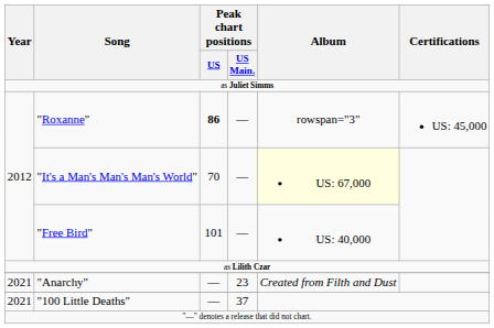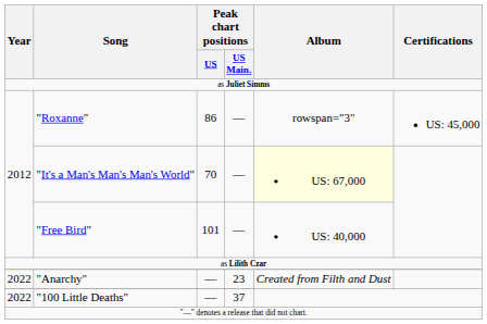 <table class="wikitable" style="text-align:center;">
 <tr>
 <th rowspan="2">Year</th>
 <th rowspan="2">Song</th>
 <th colspan="2">Peak chart positions</th>
 <th rowspan="2">Album</th>
 <th rowspan="2">Certifications</th>
 </tr>
 <tr style="font-size:smaller;">
 <th width="30"><a href='#'>US</a></th>
 <th width="30"><a href='#'>US<br>Main.</a><br></th>
 </tr>
 <tr>
 <td colspan="6" style="text-align:center; font-size:8pt;">as <strong>Juliet Simms</strong></td>
 </tr>
 <tr>
 <td rowspan="3">2012</td>
 <td align="left">"<a href='#'>Roxanne</a>"</td>
-<td><strong>86</strong></td>
+<td>86</td>
 <td>—</td>
 <td>rowspan="3" </td>
 <td><br><ul><li>US: 45,000</li></ul></td>
 </tr>
 <tr>
 <td align="left">"<a href='#'>It's a Man's Man's Man's World</a>"</td>
 <td>70</td>
 <td>—</td>
 <td style="background: lightyellow;"><br><ul><li>US: 67,000</li></ul></td>
 </tr>
 <tr>
 <td align="left">"<a href='#'>Free Bird</a>"</td>
 <td>101</td>
 <td>—</td>
 <td><br><ul><li>US: 40,000</li></ul></td>
 </tr>
 <tr>
 <td colspan="6" style="text-align:center; font-size:8pt;">as <strong>Lilith Czar</strong></td>
 </tr>
 <tr>
 </tr>
 <tr>
-<td>2021</td>
+<td>2022</td>
 <td align="left">"Anarchy"</td>
 <td>—</td>
 <td>23</td>
 <td rowspan="2"><em>Created from Filth and Dust</em></td>
 <td></td>
 </tr>
 <tr>
 </tr>
 <tr>
-<td>2021</td>
+<td>2022</td>
 <td align="left">"100 Little Deaths"</td>
 <td>—</td>
 <td>37</td>
 </tr>
 <tr>
 <td colspan="6" style="text-align:center; font-size:8pt;">"—" denotes a release that did not chart.<br></td>
 </tr>
 </table>
